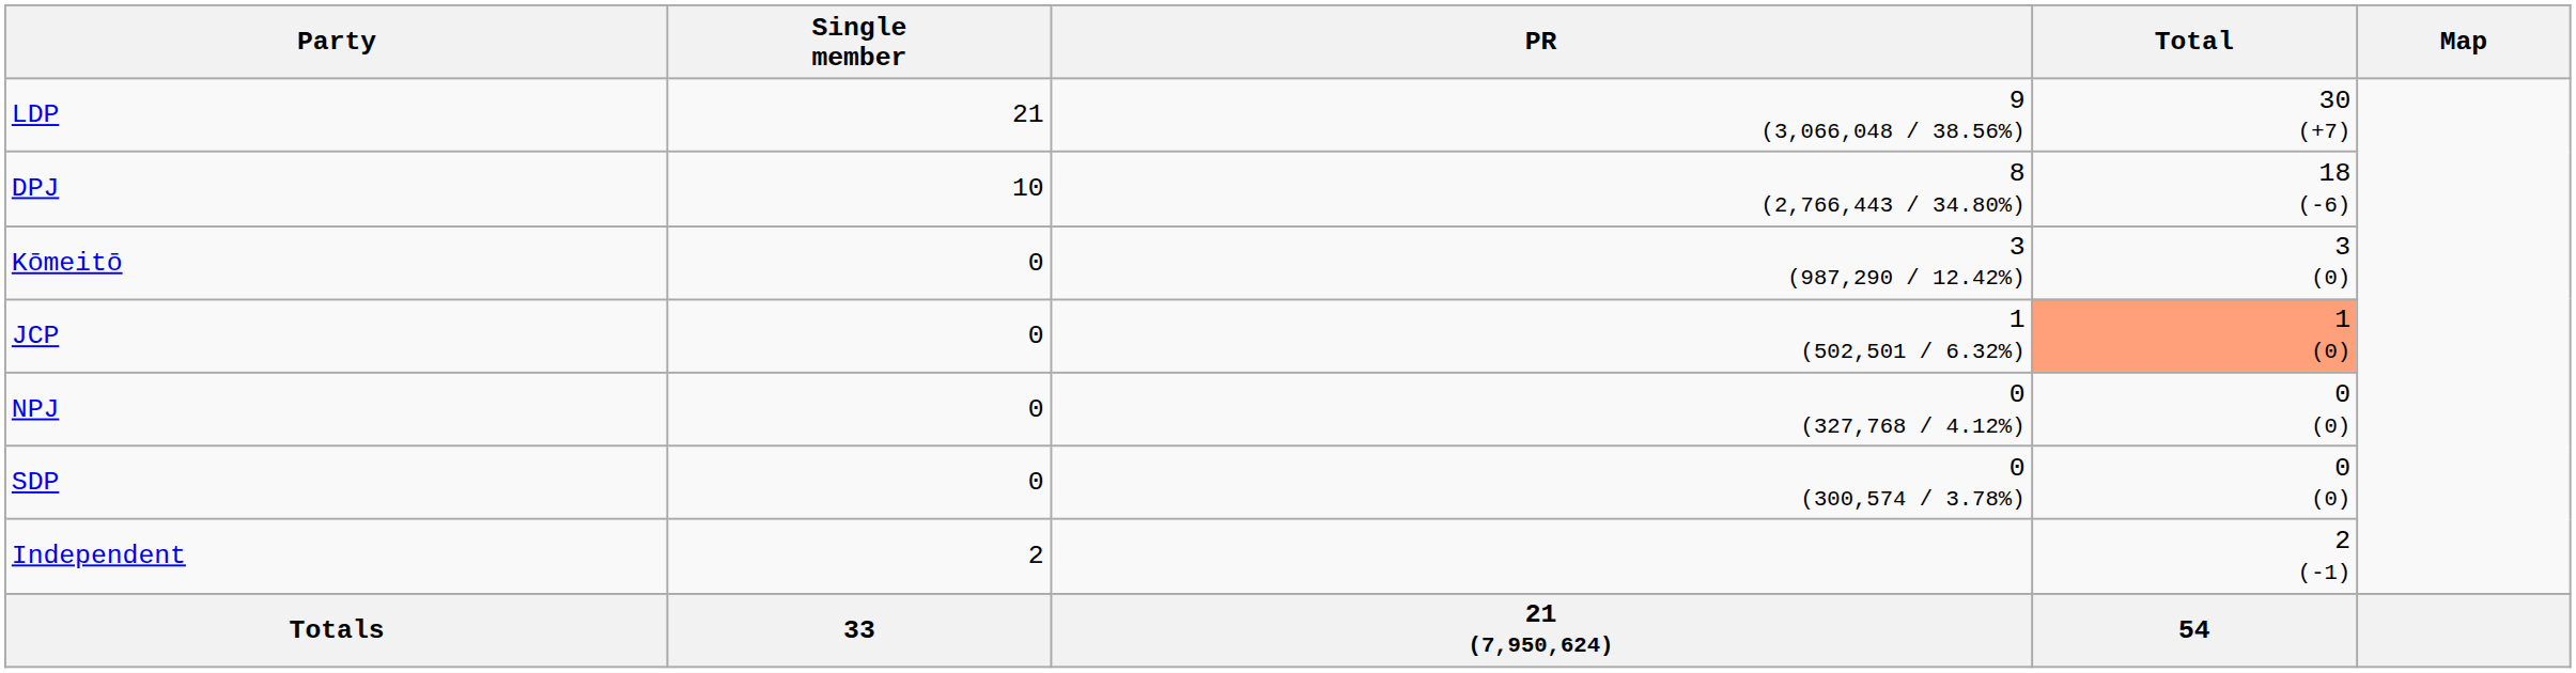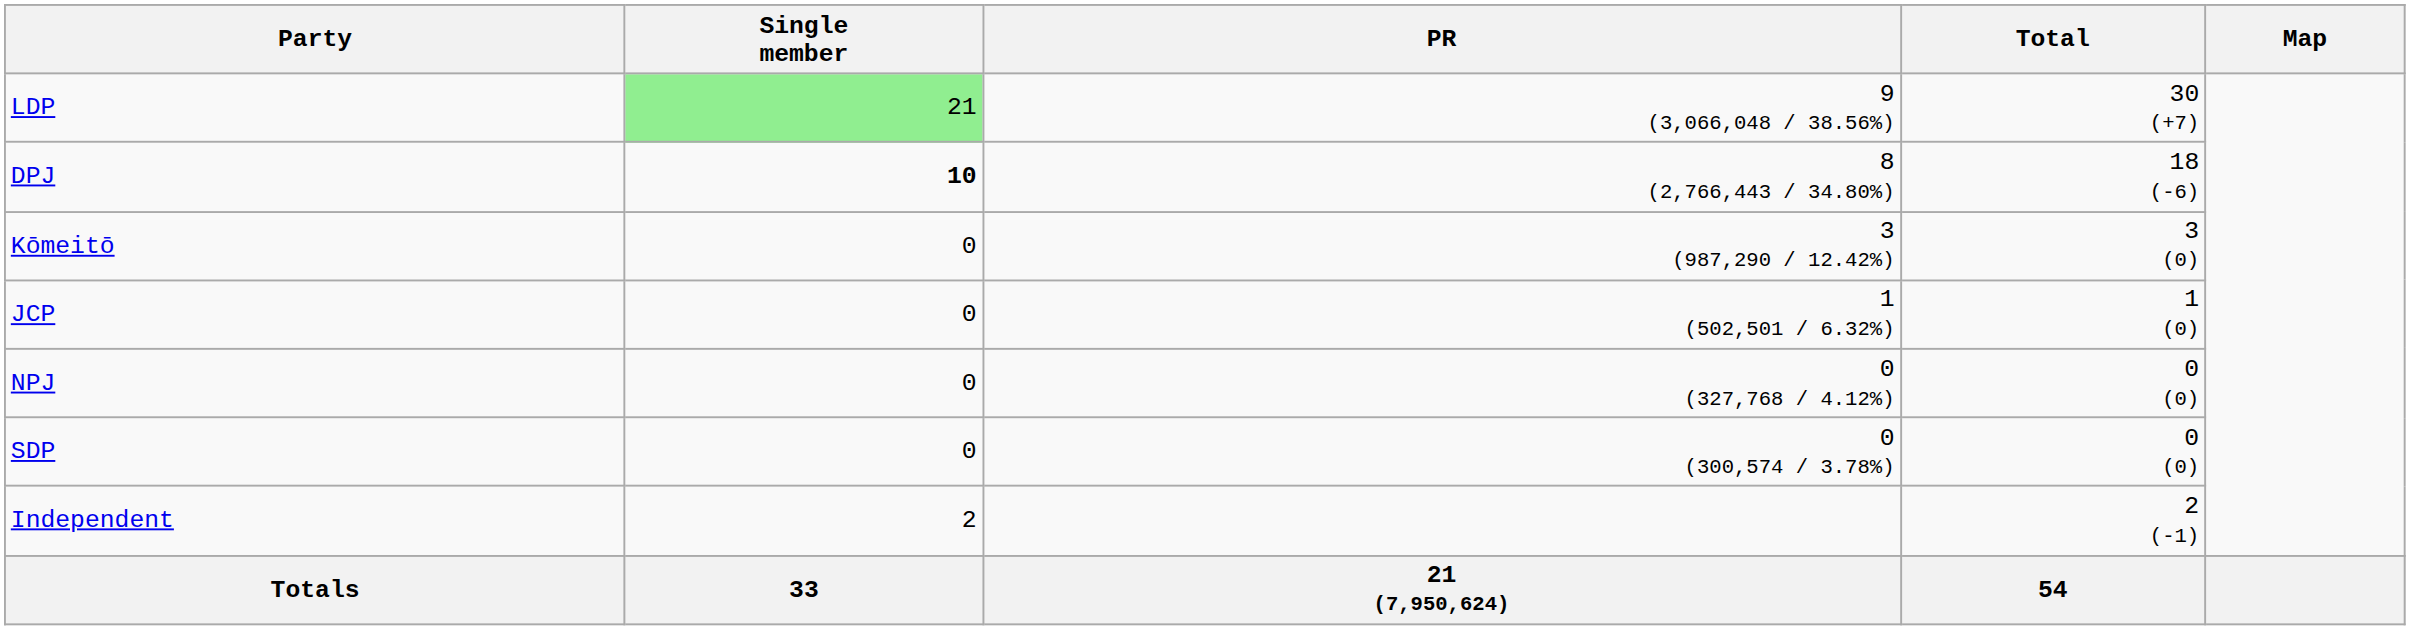 <table class="wikitable" width="100%">
 <tr>
 <th>Party</th>
 <th>Single<br>member</th>
 <th>PR</th>
 <th>Total</th>
 <th>Map</th>
 </tr>
 <tr>
 <td><a href='#'>LDP</a></td>
-<td align="right">21</td>
+<td align="right" style="background: lightgreen;">21</td>
 <td align="right">9<br><small>(3,066,048 / 38.56%)</small></td>
 <td align="right">30<br><small>(+7)</small></td>
 <td rowspan=7 align="center"></td>
 </tr>
 <tr>
 <td><a href='#'>DPJ</a></td>
-<td align="right">10</td>
+<td align="right"><strong>10</strong></td>
 <td align="right">8<br><small>(2,766,443 / 34.80%)</small></td>
 <td align="right">18<br><small>(-6)</small></td>
 </tr>
 <tr>
 <td><a href='#'>Kōmeitō</a></td>
 <td align="right">0</td>
 <td align="right">3<br><small>(987,290 / 12.42%)</small></td>
 <td align="right">3<br><small>(0)</small></td>
 </tr>
 <tr>
 <td><a href='#'>JCP</a></td>
 <td align="right">0</td>
 <td align="right">1<br><small>(502,501 / 6.32%)</small></td>
-<td align="right" style="background: lightsalmon;">1<br><small>(0)</small></td>
+<td align="right">1<br><small>(0)</small></td>
 </tr>
 <tr>
 <td><a href='#'>NPJ</a></td>
 <td align="right">0</td>
 <td align="right">0<br><small>(327,768 / 4.12%)</small></td>
 <td align="right">0<br><small>(0)</small></td>
 </tr>
 <tr>
 <td><a href='#'>SDP</a></td>
 <td align="right">0</td>
 <td align="right">0<br><small>(300,574 / 3.78%)</small></td>
 <td align="right">0<br><small>(0)</small></td>
 </tr>
 <tr>
 <td><a href='#'>Independent</a></td>
 <td align="right">2</td>
 <td align="right"></td>
 <td align="right">2<br><small>(-1)</small></td>
 </tr>
 <tr bgcolor=lightgrey>
 <th><strong>Totals</strong></th>
 <th align="right">33</th>
 <th align="right">21<br><small>(7,950,624)</small></th>
 <th align="right">54</th>
 <th></th>
 </tr>
 </table>
